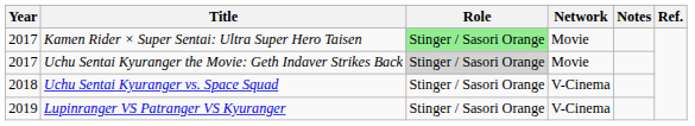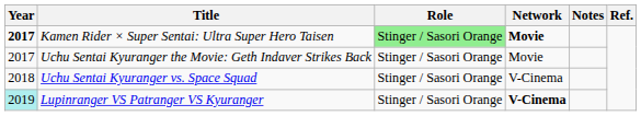 <table class="wikitable">
 <tr>
 <th>Year</th>
 <th>Title</th>
 <th>Role</th>
 <th>Network</th>
 <th>Notes</th>
 <th>Ref.</th>
 </tr>
 <tr>
-<td>2017</td>
+<td><strong>2017</strong></td>
 <td><em>Kamen Rider × Super Sentai: Ultra Super Hero Taisen</em></td>
 <td style="background: lightgreen;">Stinger / Sasori Orange</td>
-<td>Movie</td>
+<td><strong>Movie</strong></td>
 <td></td>
 </tr>
 <tr>
 <td>2017</td>
 <td><em>Uchu Sentai Kyuranger the Movie: Geth Indaver Strikes Back</em></td>
-<td style="background: lightgrey;">Stinger / Sasori Orange</td>
+<td>Stinger / Sasori Orange</td>
 <td>Movie</td>
 <td></td>
 </tr>
 <tr>
 <td>2018</td>
 <td><em><a href='#'>Uchu Sentai Kyuranger vs. Space Squad</a></em></td>
 <td>Stinger / Sasori Orange</td>
 <td>V-Cinema</td>
 <td></td>
 </tr>
 <tr>
-<td>2019</td>
+<td style="background: paleturquoise;">2019</td>
 <td><em><a href='#'>Lupinranger VS Patranger VS Kyuranger</a></em></td>
 <td>Stinger / Sasori Orange</td>
-<td>V-Cinema</td>
+<td><strong>V-Cinema</strong></td>
 <td></td>
 </tr>
 </table>
